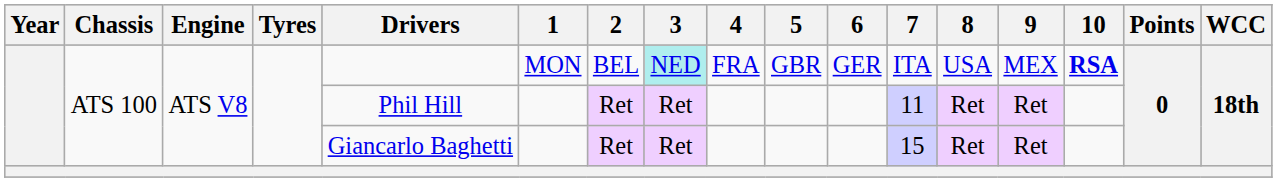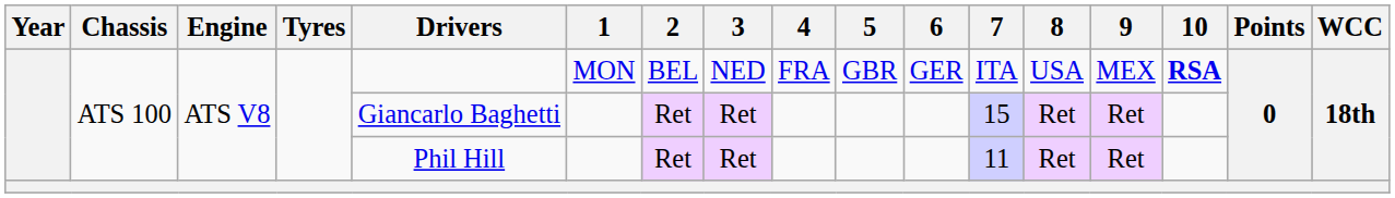 <table class="wikitable" style="text-align:center; font-size:95%">
 <tr>
 <th>Year</th>
 <th>Chassis</th>
 <th>Engine</th>
 <th>Tyres</th>
 <th>Drivers</th>
 <th>1</th>
 <th>2</th>
 <th>3</th>
 <th>4</th>
 <th>5</th>
 <th>6</th>
 <th>7</th>
 <th>8</th>
 <th>9</th>
 <th>10</th>
 <th>Points</th>
 <th>WCC</th>
 </tr>
 <tr>
 <th rowspan="3"></th>
 <td rowspan="3">ATS 100</td>
 <td rowspan="3">ATS <a href='#'>V8</a></td>
 <td rowspan="3"></td>
 <td></td>
 <td><a href='#'>MON</a></td>
 <td><a href='#'>BEL</a></td>
-<td style="background: paleturquoise;"><a href='#'>NED</a></td>
+<td><a href='#'>NED</a></td>
 <td><a href='#'>FRA</a></td>
 <td><a href='#'>GBR</a></td>
 <td><a href='#'>GER</a></td>
 <td><a href='#'>ITA</a></td>
 <td><a href='#'>USA</a></td>
 <td><a href='#'>MEX</a></td>
 <td><strong><a href='#'>RSA</a></strong></td>
 <th rowspan="3">0</th>
 <th rowspan="3">18th</th>
+</tr>
+<tr>
+<td><a href='#'>Giancarlo Baghetti</a></td>
+<td></td>
+<td style="background:#EFCFFF;">Ret</td>
+<td style="background:#EFCFFF;">Ret</td>
+<td></td>
+<td></td>
+<td></td>
+<td style="background:#CFCFFF;">15</td>
+<td style="background:#EFCFFF;">Ret</td>
+<td style="background:#EFCFFF;">Ret</td>
+<td></td>
 </tr>
 <tr>
 <td><a href='#'>Phil Hill</a></td>
 <td></td>
 <td style="background:#EFCFFF;">Ret</td>
 <td style="background:#EFCFFF;">Ret</td>
 <td></td>
 <td></td>
 <td></td>
 <td style="background:#CFCFFF;">11</td>
 <td style="background:#EFCFFF;">Ret</td>
 <td style="background:#EFCFFF;">Ret</td>
 <td></td>
 </tr>
 <tr>
-<td><a href='#'>Giancarlo Baghetti</a></td>
-<td></td>
-<td style="background:#EFCFFF;">Ret</td>
-<td style="background:#EFCFFF;">Ret</td>
-<td></td>
-<td></td>
-<td></td>
-<td style="background:#CFCFFF;">15</td>
-<td style="background:#EFCFFF;">Ret</td>
-<td style="background:#EFCFFF;">Ret</td>
-<td></td>
-</tr>
-<tr>
 <th colspan="17"></th>
 </tr>
 </table>
